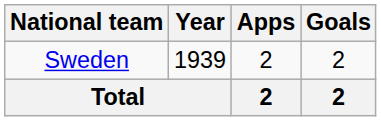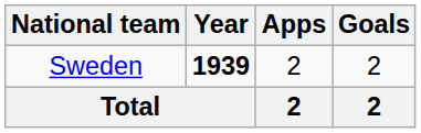 <table class=wikitable style=text-align:center>
 <tr>
 <th>National team</th>
 <th>Year</th>
 <th>Apps</th>
 <th>Goals</th>
 </tr>
 <tr>
 <td><a href='#'>Sweden</a></td>
-<td>1939</td>
+<td><strong>1939</strong></td>
 <td>2</td>
 <td>2</td>
 </tr>
 <tr>
 <th colspan="2">Total</th>
 <th>2</th>
 <th>2</th>
 </tr>
 </table>
